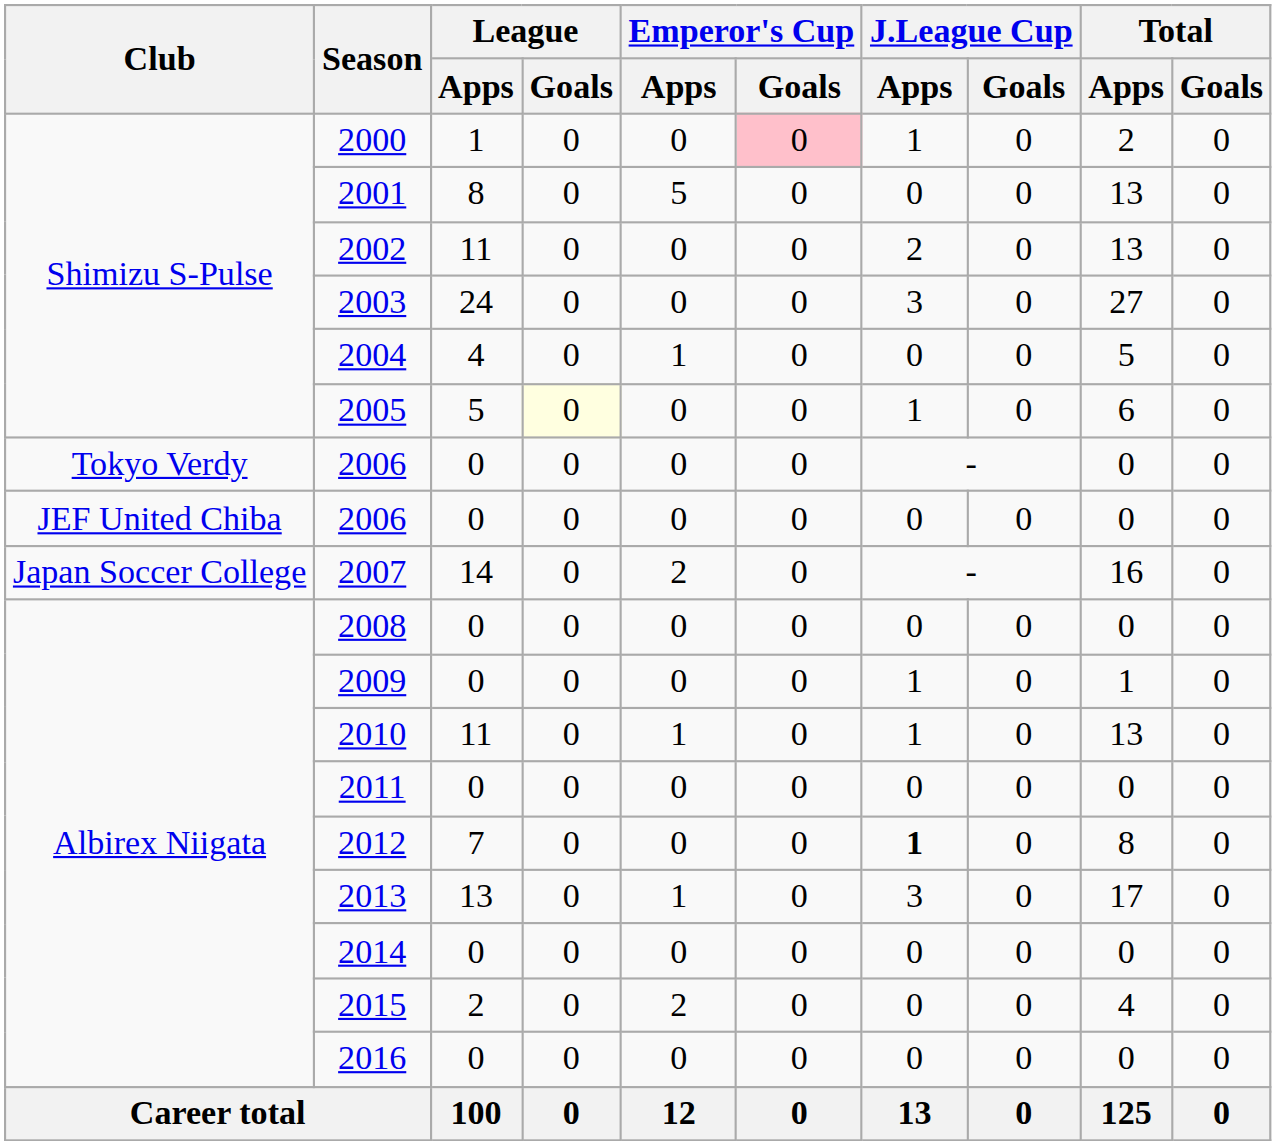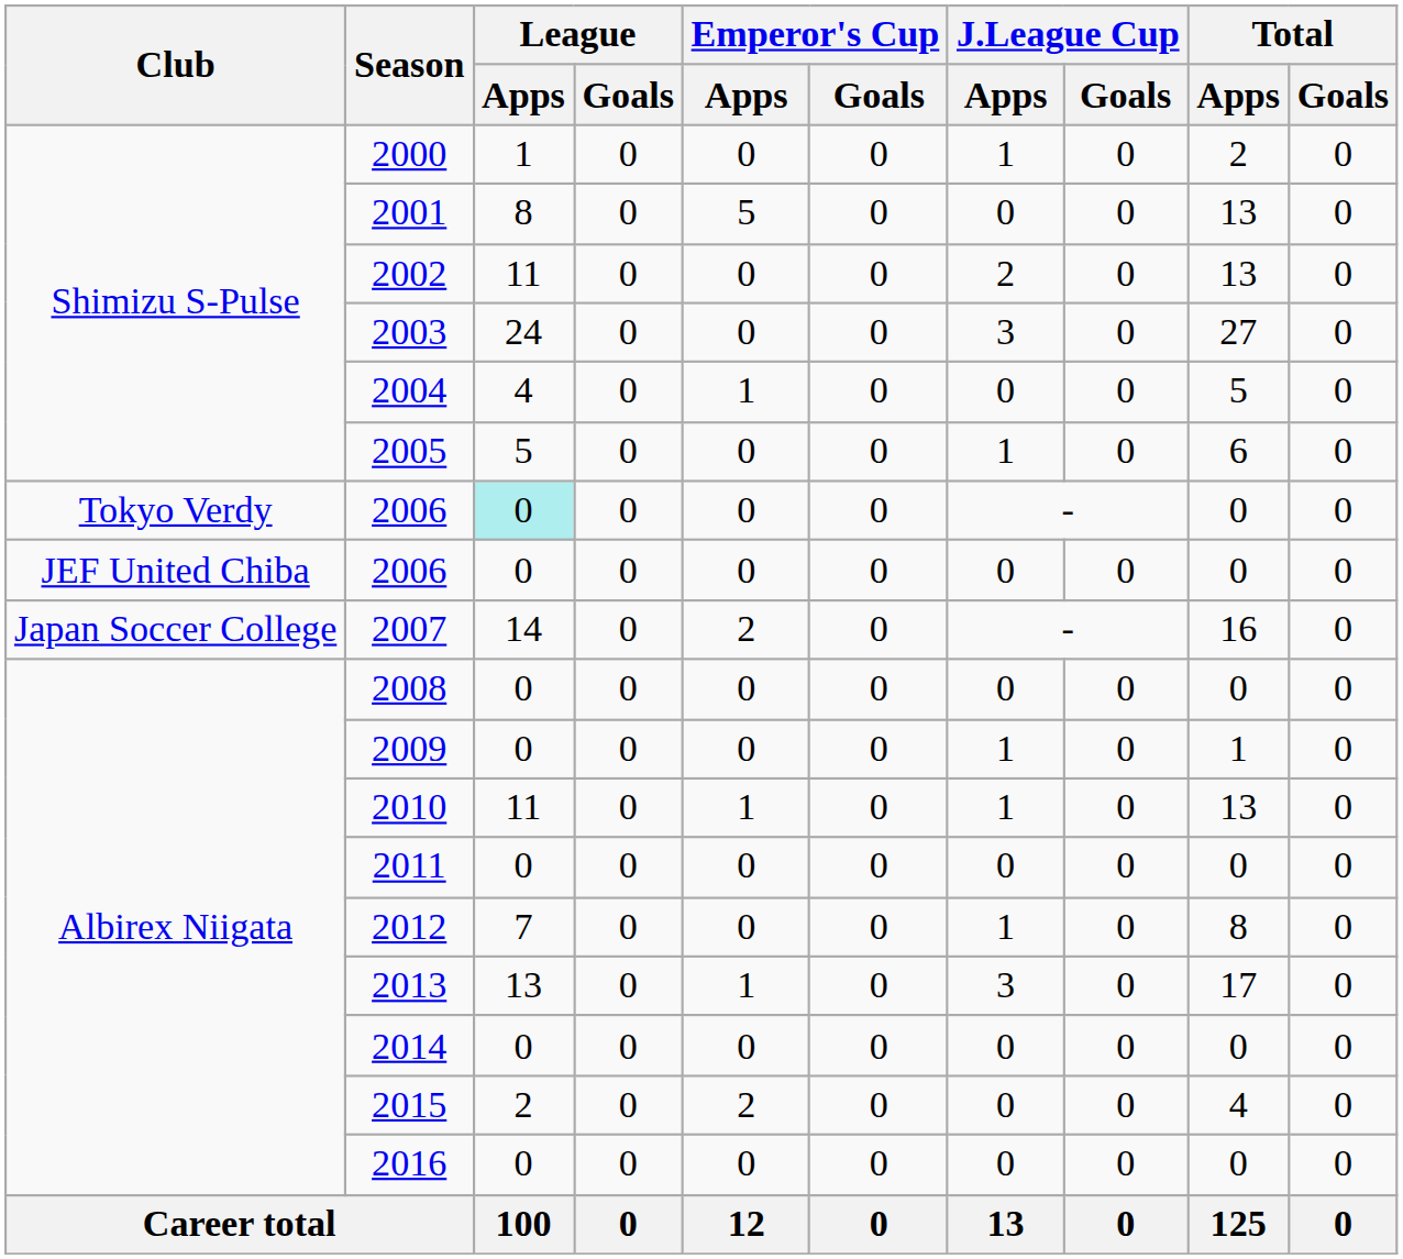 <table class="wikitable" style="text-align:center;">
 <tr>
 <th rowspan="2">Club</th>
 <th rowspan="2">Season</th>
 <th colspan="2">League</th>
 <th colspan="2"><a href='#'>Emperor's Cup</a></th>
 <th colspan="2"><a href='#'>J.League Cup</a></th>
 <th colspan="2">Total</th>
 </tr>
 <tr>
 <th>Apps</th>
 <th>Goals</th>
 <th>Apps</th>
 <th>Goals</th>
 <th>Apps</th>
 <th>Goals</th>
 <th>Apps</th>
 <th>Goals</th>
 </tr>
 <tr>
 <td rowspan="6"><a href='#'>Shimizu S-Pulse</a></td>
 <td><a href='#'>2000</a></td>
 <td>1</td>
 <td>0</td>
 <td>0</td>
-<td style="background: pink;">0</td>
+<td>0</td>
 <td>1</td>
 <td>0</td>
 <td>2</td>
 <td>0</td>
 </tr>
 <tr>
 <td><a href='#'>2001</a></td>
 <td>8</td>
 <td>0</td>
 <td>5</td>
 <td>0</td>
 <td>0</td>
 <td>0</td>
 <td>13</td>
 <td>0</td>
 </tr>
 <tr>
 <td><a href='#'>2002</a></td>
 <td>11</td>
 <td>0</td>
 <td>0</td>
 <td>0</td>
 <td>2</td>
 <td>0</td>
 <td>13</td>
 <td>0</td>
 </tr>
 <tr>
 <td><a href='#'>2003</a></td>
 <td>24</td>
 <td>0</td>
 <td>0</td>
 <td>0</td>
 <td>3</td>
 <td>0</td>
 <td>27</td>
 <td>0</td>
 </tr>
 <tr>
 <td><a href='#'>2004</a></td>
 <td>4</td>
 <td>0</td>
 <td>1</td>
 <td>0</td>
 <td>0</td>
 <td>0</td>
 <td>5</td>
 <td>0</td>
 </tr>
 <tr>
 <td><a href='#'>2005</a></td>
 <td>5</td>
-<td style="background: lightyellow;">0</td>
+<td>0</td>
 <td>0</td>
 <td>0</td>
 <td>1</td>
 <td>0</td>
 <td>6</td>
 <td>0</td>
 </tr>
 <tr>
 <td><a href='#'>Tokyo Verdy</a></td>
 <td><a href='#'>2006</a></td>
-<td>0</td>
+<td style="background: paleturquoise;">0</td>
 <td>0</td>
 <td>0</td>
 <td>0</td>
 <td colspan="2">-</td>
 <td>0</td>
 <td>0</td>
 </tr>
 <tr>
 <td><a href='#'>JEF United Chiba</a></td>
 <td><a href='#'>2006</a></td>
 <td>0</td>
 <td>0</td>
 <td>0</td>
 <td>0</td>
 <td>0</td>
 <td>0</td>
 <td>0</td>
 <td>0</td>
 </tr>
 <tr>
 <td><a href='#'>Japan Soccer College</a></td>
 <td><a href='#'>2007</a></td>
 <td>14</td>
 <td>0</td>
 <td>2</td>
 <td>0</td>
 <td colspan="2">-</td>
 <td>16</td>
 <td>0</td>
 </tr>
 <tr>
 <td rowspan="9"><a href='#'>Albirex Niigata</a></td>
 <td><a href='#'>2008</a></td>
 <td>0</td>
 <td>0</td>
 <td>0</td>
 <td>0</td>
 <td>0</td>
 <td>0</td>
 <td>0</td>
 <td>0</td>
 </tr>
 <tr>
 <td><a href='#'>2009</a></td>
 <td>0</td>
 <td>0</td>
 <td>0</td>
 <td>0</td>
 <td>1</td>
 <td>0</td>
 <td>1</td>
 <td>0</td>
 </tr>
 <tr>
 <td><a href='#'>2010</a></td>
 <td>11</td>
 <td>0</td>
 <td>1</td>
 <td>0</td>
 <td>1</td>
 <td>0</td>
 <td>13</td>
 <td>0</td>
 </tr>
 <tr>
 <td><a href='#'>2011</a></td>
 <td>0</td>
 <td>0</td>
 <td>0</td>
 <td>0</td>
 <td>0</td>
 <td>0</td>
 <td>0</td>
 <td>0</td>
 </tr>
 <tr>
 <td><a href='#'>2012</a></td>
 <td>7</td>
 <td>0</td>
 <td>0</td>
 <td>0</td>
-<td><strong>1</strong></td>
+<td>1</td>
 <td>0</td>
 <td>8</td>
 <td>0</td>
 </tr>
 <tr>
 <td><a href='#'>2013</a></td>
 <td>13</td>
 <td>0</td>
 <td>1</td>
 <td>0</td>
 <td>3</td>
 <td>0</td>
 <td>17</td>
 <td>0</td>
 </tr>
 <tr>
 <td><a href='#'>2014</a></td>
 <td>0</td>
 <td>0</td>
 <td>0</td>
 <td>0</td>
 <td>0</td>
 <td>0</td>
 <td>0</td>
 <td>0</td>
 </tr>
 <tr>
 <td><a href='#'>2015</a></td>
 <td>2</td>
 <td>0</td>
 <td>2</td>
 <td>0</td>
 <td>0</td>
 <td>0</td>
 <td>4</td>
 <td>0</td>
 </tr>
 <tr>
 <td><a href='#'>2016</a></td>
 <td>0</td>
 <td>0</td>
 <td>0</td>
 <td>0</td>
 <td>0</td>
 <td>0</td>
 <td>0</td>
 <td>0</td>
 </tr>
 <tr>
 <th colspan="2">Career total</th>
 <th>100</th>
 <th>0</th>
 <th>12</th>
 <th>0</th>
 <th>13</th>
 <th>0</th>
 <th>125</th>
 <th>0</th>
 </tr>
 </table>
